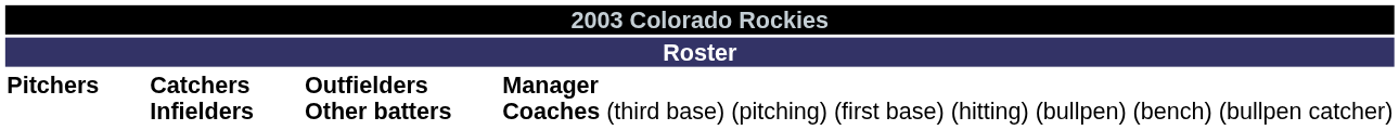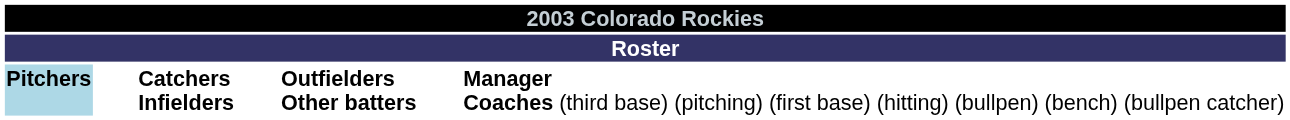 <table class="toccolours" style="font-size: 95%;">
 <tr>
 <th colspan="10" style="background-color: #000000; color: #C4CED4; text-align: center;">2003 Colorado Rockies</th>
 </tr>
 <tr>
 <td colspan="10" style="background-color: #333366; color: #FFFFFF; text-align: center;"><strong>Roster</strong></td>
 </tr>
 <tr>
-<td valign="top"><strong>Pitchers</strong><br>                      </td>
+<td valign="top" style="background: lightblue;"><strong>Pitchers</strong><br>                      </td>
 <td width="25px"></td>
 <td valign="top"><strong>Catchers</strong><br>     <strong>Infielders</strong>            </td>
 <td width="25px"></td>
 <td valign="top"><strong>Outfielders</strong><br>         <strong>Other batters</strong> </td>
 <td width="25px"></td>
 <td valign="top"><strong>Manager</strong><br> <strong>Coaches</strong>  (third base)  (pitching)  (first base)  (hitting)  (bullpen)  (bench)  (bullpen catcher)</td>
 </tr>
 </table>
